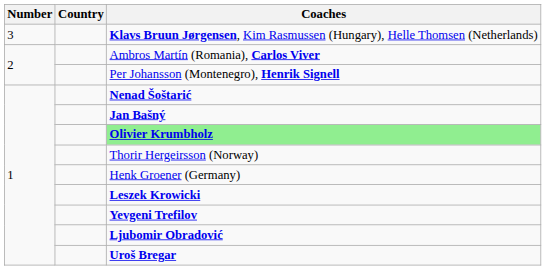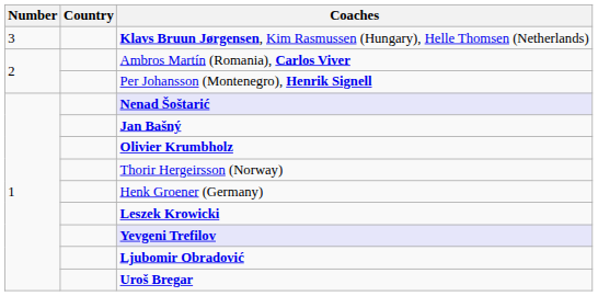 <table class="wikitable">
 <tr>
 <th>Number</th>
 <th>Country</th>
 <th>Coaches</th>
 </tr>
 <tr>
 <td>3</td>
 <td></td>
 <td><strong><a href='#'>Klavs Bruun Jørgensen</a></strong>, <a href='#'>Kim Rasmussen</a> (Hungary), <a href='#'>Helle Thomsen</a> (Netherlands)</td>
 </tr>
 <tr>
 <td rowspan="2">2</td>
 <td></td>
 <td><a href='#'>Ambros Martín</a> (Romania), <strong><a href='#'>Carlos Viver</a></strong></td>
 </tr>
 <tr>
 <td></td>
 <td><a href='#'>Per Johansson</a> (Montenegro), <strong><a href='#'>Henrik Signell</a></strong></td>
 </tr>
 <tr>
 <td rowspan="9">1</td>
 <td></td>
-<td><strong><a href='#'>Nenad Šoštarić</a></strong></td>
+<td style="background: lavender;"><strong><a href='#'>Nenad Šoštarić</a></strong></td>
 </tr>
 <tr>
 <td></td>
 <td><strong><a href='#'>Jan Bašný</a></strong></td>
 </tr>
 <tr>
 <td></td>
-<td style="background: lightgreen;"><strong><a href='#'>Olivier Krumbholz</a></strong></td>
+<td><strong><a href='#'>Olivier Krumbholz</a></strong></td>
 </tr>
 <tr>
 <td></td>
 <td><a href='#'>Thorir Hergeirsson</a> (Norway)</td>
 </tr>
 <tr>
 <td></td>
 <td><a href='#'>Henk Groener</a> (Germany)</td>
 </tr>
 <tr>
 <td></td>
 <td><strong><a href='#'>Leszek Krowicki</a></strong></td>
 </tr>
 <tr>
 <td></td>
-<td><strong><a href='#'>Yevgeni Trefilov</a></strong></td>
+<td style="background: lavender;"><strong><a href='#'>Yevgeni Trefilov</a></strong></td>
 </tr>
 <tr>
 <td></td>
 <td><strong><a href='#'>Ljubomir Obradović</a></strong></td>
 </tr>
 <tr>
 <td></td>
 <td><strong><a href='#'>Uroš Bregar</a></strong></td>
 </tr>
 </table>
